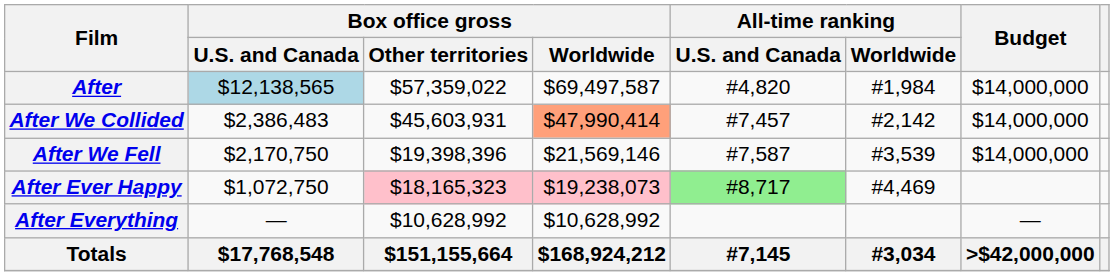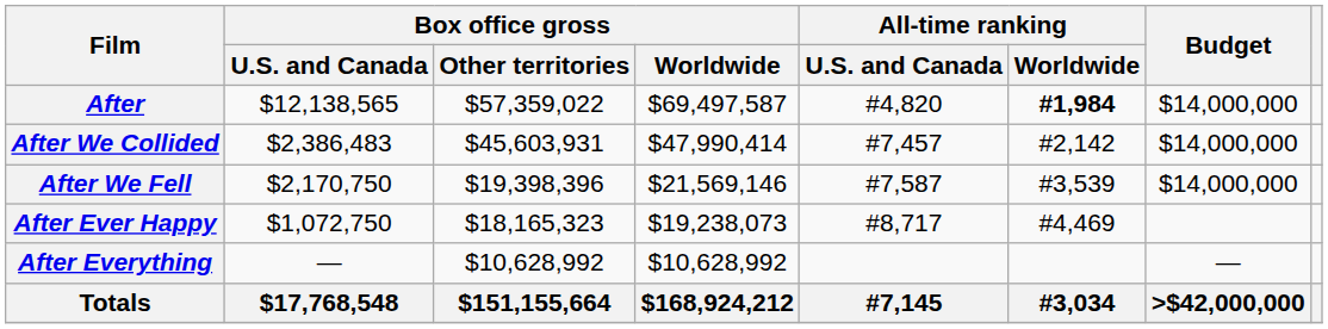 <table class="wikitable plainrowheaders sortable" style="text-align: center;">
 <tr>
 <th scope="col" rowspan="2">Film</th>
 <th scope="col" colspan="3">Box office gross</th>
 <th scope="col" colspan="2">All-time ranking</th>
 <th scope="col" rowspan="2">Budget</th>
 <th scope="col" rowspan="2" class="unsortable"></th>
 </tr>
 <tr>
 <th scope="col">U.S. and Canada</th>
 <th scope="col">Other territories</th>
 <th scope="col">Worldwide</th>
 <th scope="col">U.S. and Canada</th>
 <th scope="col">Worldwide</th>
 </tr>
 <tr>
 <th scope="row"><em><a href='#'>After</a></em></th>
-<td style="background: lightblue;">$12,138,565</td>
+<td>$12,138,565</td>
 <td>$57,359,022</td>
 <td>$69,497,587</td>
 <td>#4,820</td>
-<td>#1,984</td>
+<td><strong>#1,984</strong></td>
 <td>$14,000,000</td>
 <td></td>
 </tr>
 <tr>
 <th scope="row"><em><a href='#'>After We Collided</a></em></th>
 <td>$2,386,483</td>
 <td>$45,603,931</td>
-<td style="background: lightsalmon;">$47,990,414</td>
+<td>$47,990,414</td>
 <td>#7,457</td>
 <td>#2,142</td>
 <td>$14,000,000</td>
 <td></td>
 </tr>
 <tr>
 <th scope="row"><em><a href='#'>After We Fell</a></em></th>
 <td>$2,170,750</td>
 <td>$19,398,396</td>
 <td>$21,569,146</td>
 <td>#7,587</td>
 <td>#3,539</td>
 <td>$14,000,000</td>
 <td></td>
 </tr>
 <tr>
 <th scope="row"><em><a href='#'>After Ever Happy</a></em></th>
 <td>$1,072,750</td>
-<td style="background: pink;">$18,165,323</td>
-<td style="background: pink;">$19,238,073</td>
-<td style="background: lightgreen;">#8,717</td>
+<td>$18,165,323</td>
+<td>$19,238,073</td>
+<td>#8,717</td>
 <td>#4,469</td>
 <td></td>
 <td></td>
 </tr>
 <tr>
 <th scope="row"><em><a href='#'>After Everything</a></em></th>
 <td>—</td>
 <td>$10,628,992</td>
 <td>$10,628,992</td>
 <td></td>
 <td></td>
 <td>—</td>
 <td></td>
 </tr>
 <tr>
 <th>Totals</th>
 <th>$17,768,548</th>
 <th>$151,155,664</th>
 <th>$168,924,212</th>
 <th>#7,145</th>
 <th>#3,034</th>
 <th>>$42,000,000</th>
 <th></th>
 </tr>
 <tr>
 </tr>
 </table>
